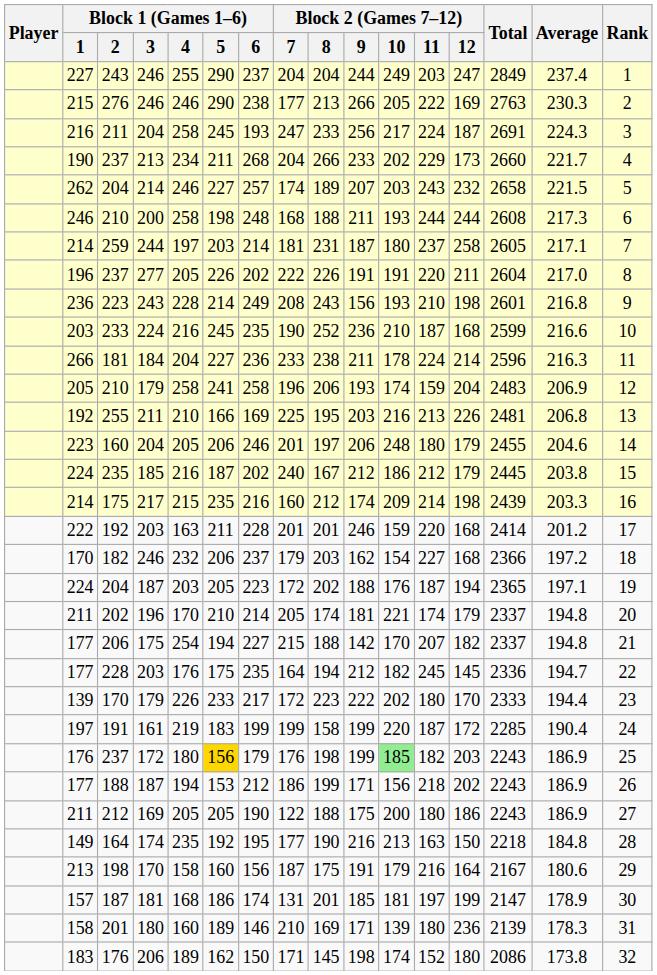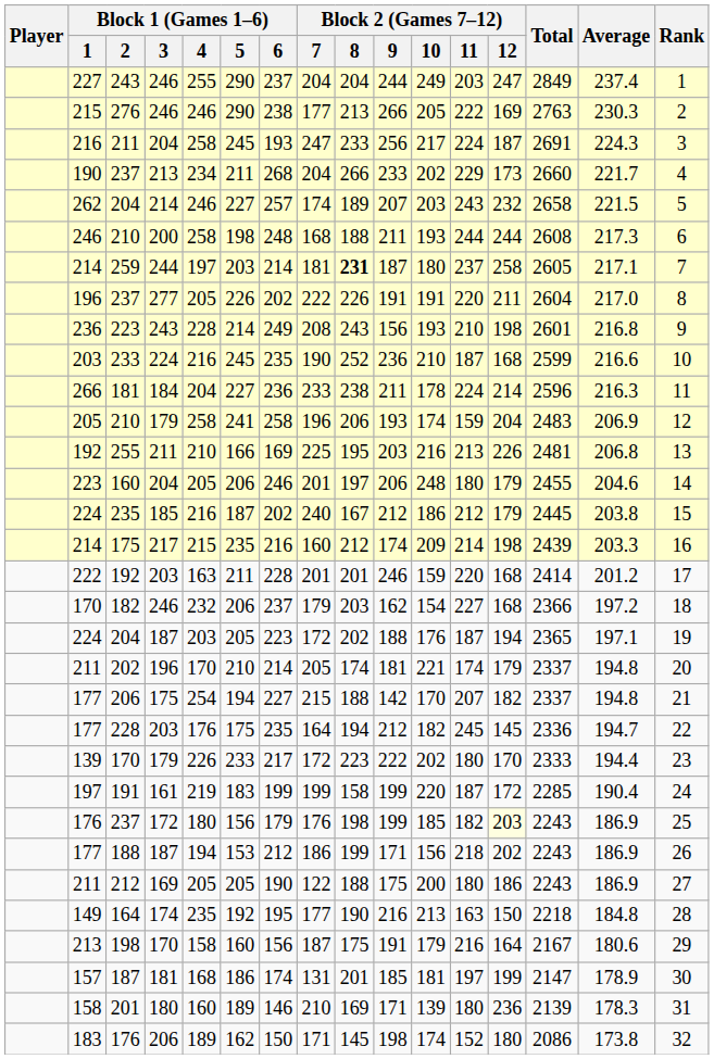 <table class="wikitable">
 <tr>
 <th rowspan=2>Player</th>
 <th colspan=6>Block 1 (Games 1–6)</th>
 <th colspan=6>Block 2 (Games 7–12)</th>
 <th rowspan=2>Total</th>
 <th rowspan=2>Average</th>
 <th rowspan=2>Rank</th>
 </tr>
 <tr>
 <th>1</th>
 <th>2</th>
 <th>3</th>
 <th>4</th>
 <th>5</th>
 <th>6</th>
 <th>7</th>
 <th>8</th>
 <th>9</th>
 <th>10</th>
 <th>11</th>
 <th>12</th>
 </tr>
 <tr bgcolor=#ffffcc>
 <td></td>
 <td align=center>227</td>
 <td align=center>243</td>
 <td align=center>246</td>
 <td align=center>255</td>
 <td align=center>290</td>
 <td align=center>237</td>
 <td align=center>204</td>
 <td align=center>204</td>
 <td align=center>244</td>
 <td align=center>249</td>
 <td align=center>203</td>
 <td align=center>247</td>
 <td align=center>2849</td>
 <td align=center>237.4</td>
 <td align=center>1</td>
 </tr>
 <tr bgcolor=#ffffcc>
 <td></td>
 <td align=center>215</td>
 <td align=center>276</td>
 <td align=center>246</td>
 <td align=center>246</td>
 <td align=center>290</td>
 <td align=center>238</td>
 <td align=center>177</td>
 <td align=center>213</td>
 <td align=center>266</td>
 <td align=center>205</td>
 <td align=center>222</td>
 <td align=center>169</td>
 <td align=center>2763</td>
 <td align=center>230.3</td>
 <td align=center>2</td>
 </tr>
 <tr bgcolor=#ffffcc>
 <td></td>
 <td align=center>216</td>
 <td align=center>211</td>
 <td align=center>204</td>
 <td align=center>258</td>
 <td align=center>245</td>
 <td align=center>193</td>
 <td align=center>247</td>
 <td align=center>233</td>
 <td align=center>256</td>
 <td align=center>217</td>
 <td align=center>224</td>
 <td align=center>187</td>
 <td align=center>2691</td>
 <td align=center>224.3</td>
 <td align=center>3</td>
 </tr>
 <tr bgcolor=#ffffcc>
 <td></td>
 <td align=center>190</td>
 <td align=center>237</td>
 <td align=center>213</td>
 <td align=center>234</td>
 <td align=center>211</td>
 <td align=center>268</td>
 <td align=center>204</td>
 <td align=center>266</td>
 <td align=center>233</td>
 <td align=center>202</td>
 <td align=center>229</td>
 <td align=center>173</td>
 <td align=center>2660</td>
 <td align=center>221.7</td>
 <td align=center>4</td>
 </tr>
 <tr bgcolor=#ffffcc>
 <td></td>
 <td align=center>262</td>
 <td align=center>204</td>
 <td align=center>214</td>
 <td align=center>246</td>
 <td align=center>227</td>
 <td align=center>257</td>
 <td align=center>174</td>
 <td align=center>189</td>
 <td align=center>207</td>
 <td align=center>203</td>
 <td align=center>243</td>
 <td align=center>232</td>
 <td align=center>2658</td>
 <td align=center>221.5</td>
 <td align=center>5</td>
 </tr>
 <tr bgcolor=#ffffcc>
 <td></td>
 <td align=center>246</td>
 <td align=center>210</td>
 <td align=center>200</td>
 <td align=center>258</td>
 <td align=center>198</td>
 <td align=center>248</td>
 <td align=center>168</td>
 <td align=center>188</td>
 <td align=center>211</td>
 <td align=center>193</td>
 <td align=center>244</td>
 <td align=center>244</td>
 <td align=center>2608</td>
 <td align=center>217.3</td>
 <td align=center>6</td>
 </tr>
 <tr bgcolor=#ffffcc>
 <td></td>
 <td align=center>214</td>
 <td align=center>259</td>
 <td align=center>244</td>
 <td align=center>197</td>
 <td align=center>203</td>
 <td align=center>214</td>
 <td align=center>181</td>
-<td align=center>231</td>
+<td align=center><strong>231</strong></td>
 <td align=center>187</td>
 <td align=center>180</td>
 <td align=center>237</td>
 <td align=center>258</td>
 <td align=center>2605</td>
 <td align=center>217.1</td>
 <td align=center>7</td>
 </tr>
 <tr bgcolor=#ffffcc>
 <td></td>
 <td align=center>196</td>
 <td align=center>237</td>
 <td align=center>277</td>
 <td align=center>205</td>
 <td align=center>226</td>
 <td align=center>202</td>
 <td align=center>222</td>
 <td align=center>226</td>
 <td align=center>191</td>
 <td align=center>191</td>
 <td align=center>220</td>
 <td align=center>211</td>
 <td align=center>2604</td>
 <td align=center>217.0</td>
 <td align=center>8</td>
 </tr>
 <tr bgcolor=#ffffcc>
 <td></td>
 <td align=center>236</td>
 <td align=center>223</td>
 <td align=center>243</td>
 <td align=center>228</td>
 <td align=center>214</td>
 <td align=center>249</td>
 <td align=center>208</td>
 <td align=center>243</td>
 <td align=center>156</td>
 <td align=center>193</td>
 <td align=center>210</td>
 <td align=center>198</td>
 <td align=center>2601</td>
 <td align=center>216.8</td>
 <td align=center>9</td>
 </tr>
 <tr bgcolor=#ffffcc>
 <td></td>
 <td align=center>203</td>
 <td align=center>233</td>
 <td align=center>224</td>
 <td align=center>216</td>
 <td align=center>245</td>
 <td align=center>235</td>
 <td align=center>190</td>
 <td align=center>252</td>
 <td align=center>236</td>
 <td align=center>210</td>
 <td align=center>187</td>
 <td align=center>168</td>
 <td align=center>2599</td>
 <td align=center>216.6</td>
 <td align=center>10</td>
 </tr>
 <tr bgcolor=#ffffcc>
 <td></td>
 <td align=center>266</td>
 <td align=center>181</td>
 <td align=center>184</td>
 <td align=center>204</td>
 <td align=center>227</td>
 <td align=center>236</td>
 <td align=center>233</td>
 <td align=center>238</td>
 <td align=center>211</td>
 <td align=center>178</td>
 <td align=center>224</td>
 <td align=center>214</td>
 <td align=center>2596</td>
 <td align=center>216.3</td>
 <td align=center>11</td>
 </tr>
 <tr bgcolor=#ffffcc>
 <td></td>
 <td align=center>205</td>
 <td align=center>210</td>
 <td align=center>179</td>
 <td align=center>258</td>
 <td align=center>241</td>
 <td align=center>258</td>
 <td align=center>196</td>
 <td align=center>206</td>
 <td align=center>193</td>
 <td align=center>174</td>
 <td align=center>159</td>
 <td align=center>204</td>
 <td align=center>2483</td>
 <td align=center>206.9</td>
 <td align=center>12</td>
 </tr>
 <tr bgcolor=#ffffcc>
 <td></td>
 <td align=center>192</td>
 <td align=center>255</td>
 <td align=center>211</td>
 <td align=center>210</td>
 <td align=center>166</td>
 <td align=center>169</td>
 <td align=center>225</td>
 <td align=center>195</td>
 <td align=center>203</td>
 <td align=center>216</td>
 <td align=center>213</td>
 <td align=center>226</td>
 <td align=center>2481</td>
 <td align=center>206.8</td>
 <td align=center>13</td>
 </tr>
 <tr bgcolor=#ffffcc>
 <td></td>
 <td align=center>223</td>
 <td align=center>160</td>
 <td align=center>204</td>
 <td align=center>205</td>
 <td align=center>206</td>
 <td align=center>246</td>
 <td align=center>201</td>
 <td align=center>197</td>
 <td align=center>206</td>
 <td align=center>248</td>
 <td align=center>180</td>
 <td align=center>179</td>
 <td align=center>2455</td>
 <td align=center>204.6</td>
 <td align=center>14</td>
 </tr>
 <tr bgcolor=#ffffcc>
 <td></td>
 <td align=center>224</td>
 <td align=center>235</td>
 <td align=center>185</td>
 <td align=center>216</td>
 <td align=center>187</td>
 <td align=center>202</td>
 <td align=center>240</td>
 <td align=center>167</td>
 <td align=center>212</td>
 <td align=center>186</td>
 <td align=center>212</td>
 <td align=center>179</td>
 <td align=center>2445</td>
 <td align=center>203.8</td>
 <td align=center>15</td>
 </tr>
 <tr bgcolor=#ffffcc>
 <td></td>
 <td align=center>214</td>
 <td align=center>175</td>
 <td align=center>217</td>
 <td align=center>215</td>
 <td align=center>235</td>
 <td align=center>216</td>
 <td align=center>160</td>
 <td align=center>212</td>
 <td align=center>174</td>
 <td align=center>209</td>
 <td align=center>214</td>
 <td align=center>198</td>
 <td align=center>2439</td>
 <td align=center>203.3</td>
 <td align=center>16</td>
 </tr>
 <tr>
 <td></td>
 <td align=center>222</td>
 <td align=center>192</td>
 <td align=center>203</td>
 <td align=center>163</td>
 <td align=center>211</td>
 <td align=center>228</td>
 <td align=center>201</td>
 <td align=center>201</td>
 <td align=center>246</td>
 <td align=center>159</td>
 <td align=center>220</td>
 <td align=center>168</td>
 <td align=center>2414</td>
 <td align=center>201.2</td>
 <td align=center>17</td>
 </tr>
 <tr>
 <td></td>
 <td align=center>170</td>
 <td align=center>182</td>
 <td align=center>246</td>
 <td align=center>232</td>
 <td align=center>206</td>
 <td align=center>237</td>
 <td align=center>179</td>
 <td align=center>203</td>
 <td align=center>162</td>
 <td align=center>154</td>
 <td align=center>227</td>
 <td align=center>168</td>
 <td align=center>2366</td>
 <td align=center>197.2</td>
 <td align=center>18</td>
 </tr>
 <tr>
 <td></td>
 <td align=center>224</td>
 <td align=center>204</td>
 <td align=center>187</td>
 <td align=center>203</td>
 <td align=center>205</td>
 <td align=center>223</td>
 <td align=center>172</td>
 <td align=center>202</td>
 <td align=center>188</td>
 <td align=center>176</td>
 <td align=center>187</td>
 <td align=center>194</td>
 <td align=center>2365</td>
 <td align=center>197.1</td>
 <td align=center>19</td>
 </tr>
 <tr>
 <td></td>
 <td align=center>211</td>
 <td align=center>202</td>
 <td align=center>196</td>
 <td align=center>170</td>
 <td align=center>210</td>
 <td align=center>214</td>
 <td align=center>205</td>
 <td align=center>174</td>
 <td align=center>181</td>
 <td align=center>221</td>
 <td align=center>174</td>
 <td align=center>179</td>
 <td align=center>2337</td>
 <td align=center>194.8</td>
 <td align=center>20</td>
 </tr>
 <tr>
 <td></td>
 <td align=center>177</td>
 <td align=center>206</td>
 <td align=center>175</td>
 <td align=center>254</td>
 <td align=center>194</td>
 <td align=center>227</td>
 <td align=center>215</td>
 <td align=center>188</td>
 <td align=center>142</td>
 <td align=center>170</td>
 <td align=center>207</td>
 <td align=center>182</td>
 <td align=center>2337</td>
 <td align=center>194.8</td>
 <td align=center>21</td>
 </tr>
 <tr>
 <td></td>
 <td align=center>177</td>
 <td align=center>228</td>
 <td align=center>203</td>
 <td align=center>176</td>
 <td align=center>175</td>
 <td align=center>235</td>
 <td align=center>164</td>
 <td align=center>194</td>
 <td align=center>212</td>
 <td align=center>182</td>
 <td align=center>245</td>
 <td align=center>145</td>
 <td align=center>2336</td>
 <td align=center>194.7</td>
 <td align=center>22</td>
 </tr>
 <tr>
 <td></td>
 <td align=center>139</td>
 <td align=center>170</td>
 <td align=center>179</td>
 <td align=center>226</td>
 <td align=center>233</td>
 <td align=center>217</td>
 <td align=center>172</td>
 <td align=center>223</td>
 <td align=center>222</td>
 <td align=center>202</td>
 <td align=center>180</td>
 <td align=center>170</td>
 <td align=center>2333</td>
 <td align=center>194.4</td>
 <td align=center>23</td>
 </tr>
 <tr>
 <td></td>
 <td align=center>197</td>
 <td align=center>191</td>
 <td align=center>161</td>
 <td align=center>219</td>
 <td align=center>183</td>
 <td align=center>199</td>
 <td align=center>199</td>
 <td align=center>158</td>
 <td align=center>199</td>
 <td align=center>220</td>
 <td align=center>187</td>
 <td align=center>172</td>
 <td align=center>2285</td>
 <td align=center>190.4</td>
 <td align=center>24</td>
 </tr>
 <tr>
 <td></td>
 <td align=center>176</td>
 <td align=center>237</td>
 <td align=center>172</td>
 <td align=center>180</td>
-<td align=center style="background: gold;">156</td>
+<td align=center>156</td>
 <td align=center>179</td>
 <td align=center>176</td>
 <td align=center>198</td>
 <td align=center>199</td>
-<td align=center style="background: lightgreen;">185</td>
+<td align=center>185</td>
 <td align=center>182</td>
-<td align=center>203</td>
+<td align=center style="background: lightyellow;">203</td>
 <td align=center>2243</td>
 <td align=center>186.9</td>
 <td align=center>25</td>
 </tr>
 <tr>
 <td></td>
 <td align=center>177</td>
 <td align=center>188</td>
 <td align=center>187</td>
 <td align=center>194</td>
 <td align=center>153</td>
 <td align=center>212</td>
 <td align=center>186</td>
 <td align=center>199</td>
 <td align=center>171</td>
 <td align=center>156</td>
 <td align=center>218</td>
 <td align=center>202</td>
 <td align=center>2243</td>
 <td align=center>186.9</td>
 <td align=center>26</td>
 </tr>
 <tr>
 <td></td>
 <td align=center>211</td>
 <td align=center>212</td>
 <td align=center>169</td>
 <td align=center>205</td>
 <td align=center>205</td>
 <td align=center>190</td>
 <td align=center>122</td>
 <td align=center>188</td>
 <td align=center>175</td>
 <td align=center>200</td>
 <td align=center>180</td>
 <td align=center>186</td>
 <td align=center>2243</td>
 <td align=center>186.9</td>
 <td align=center>27</td>
 </tr>
 <tr>
 <td></td>
 <td align=center>149</td>
 <td align=center>164</td>
 <td align=center>174</td>
 <td align=center>235</td>
 <td align=center>192</td>
 <td align=center>195</td>
 <td align=center>177</td>
 <td align=center>190</td>
 <td align=center>216</td>
 <td align=center>213</td>
 <td align=center>163</td>
 <td align=center>150</td>
 <td align=center>2218</td>
 <td align=center>184.8</td>
 <td align=center>28</td>
 </tr>
 <tr>
 <td></td>
 <td align=center>213</td>
 <td align=center>198</td>
 <td align=center>170</td>
 <td align=center>158</td>
 <td align=center>160</td>
 <td align=center>156</td>
 <td align=center>187</td>
 <td align=center>175</td>
 <td align=center>191</td>
 <td align=center>179</td>
 <td align=center>216</td>
 <td align=center>164</td>
 <td align=center>2167</td>
 <td align=center>180.6</td>
 <td align=center>29</td>
 </tr>
 <tr>
 <td></td>
 <td align=center>157</td>
 <td align=center>187</td>
 <td align=center>181</td>
 <td align=center>168</td>
 <td align=center>186</td>
 <td align=center>174</td>
 <td align=center>131</td>
 <td align=center>201</td>
 <td align=center>185</td>
 <td align=center>181</td>
 <td align=center>197</td>
 <td align=center>199</td>
 <td align=center>2147</td>
 <td align=center>178.9</td>
 <td align=center>30</td>
 </tr>
 <tr>
 <td></td>
 <td align=center>158</td>
 <td align=center>201</td>
 <td align=center>180</td>
 <td align=center>160</td>
 <td align=center>189</td>
 <td align=center>146</td>
 <td align=center>210</td>
 <td align=center>169</td>
 <td align=center>171</td>
 <td align=center>139</td>
 <td align=center>180</td>
 <td align=center>236</td>
 <td align=center>2139</td>
 <td align=center>178.3</td>
 <td align=center>31</td>
 </tr>
 <tr>
 <td></td>
 <td align=center>183</td>
 <td align=center>176</td>
 <td align=center>206</td>
 <td align=center>189</td>
 <td align=center>162</td>
 <td align=center>150</td>
 <td align=center>171</td>
 <td align=center>145</td>
 <td align=center>198</td>
 <td align=center>174</td>
 <td align=center>152</td>
 <td align=center>180</td>
 <td align=center>2086</td>
 <td align=center>173.8</td>
 <td align=center>32</td>
 </tr>
 </table>
